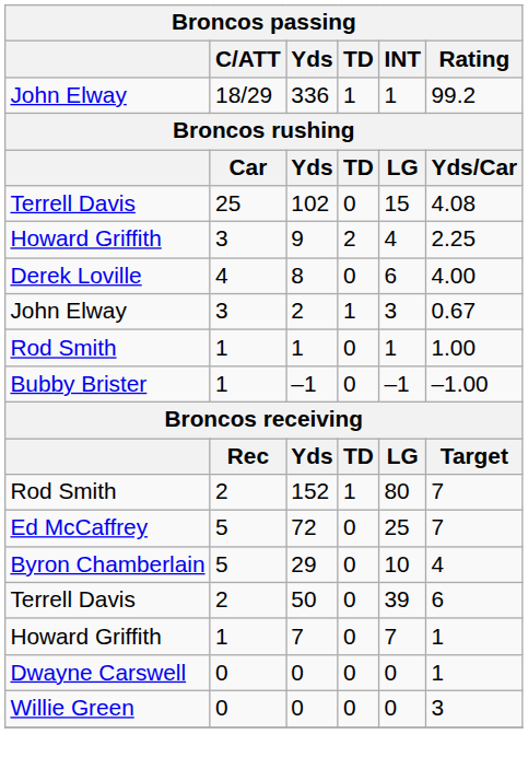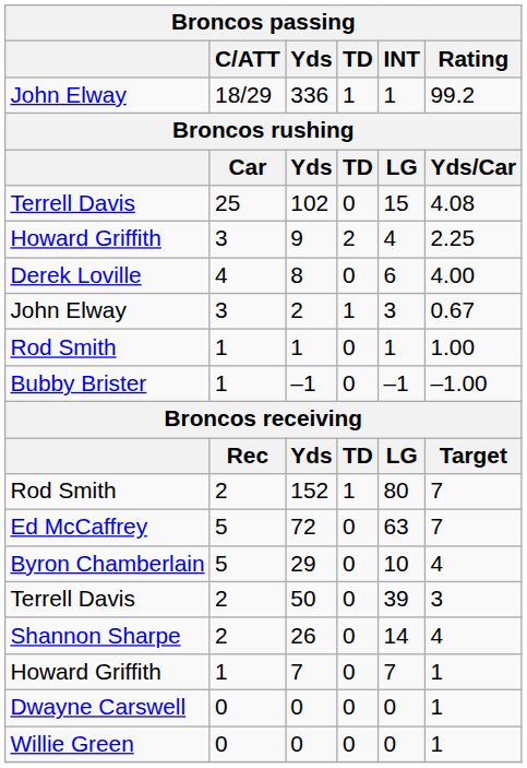 <table class="wikitable">
 <tr>
 <th colspan="6">Broncos passing</th>
 </tr>
 <tr>
 <th></th>
 <th>C/ATT</th>
 <th>Yds</th>
 <th>TD</th>
 <th>INT</th>
 <th>Rating</th>
 </tr>
 <tr>
 <td><a href='#'>John Elway</a></td>
 <td>18/29</td>
 <td>336</td>
 <td>1</td>
 <td>1</td>
 <td>99.2</td>
 </tr>
 <tr>
 <th colspan="6">Broncos rushing</th>
 </tr>
 <tr>
 <th></th>
 <th>Car</th>
 <th>Yds</th>
 <th>TD</th>
 <th>LG</th>
 <th>Yds/Car</th>
 </tr>
 <tr>
 <td><a href='#'>Terrell Davis</a></td>
 <td>25</td>
 <td>102</td>
 <td>0</td>
 <td>15</td>
 <td>4.08</td>
 </tr>
 <tr>
 <td><a href='#'>Howard Griffith</a></td>
 <td>3</td>
 <td>9</td>
 <td>2</td>
 <td>4</td>
 <td>2.25</td>
 </tr>
 <tr>
 <td><a href='#'>Derek Loville</a></td>
 <td>4</td>
 <td>8</td>
 <td>0</td>
 <td>6</td>
 <td>4.00</td>
 </tr>
 <tr>
 <td>John Elway</td>
 <td>3</td>
 <td>2</td>
 <td>1</td>
 <td>3</td>
 <td>0.67</td>
 </tr>
 <tr>
 <td><a href='#'>Rod Smith</a></td>
 <td>1</td>
 <td>1</td>
 <td>0</td>
 <td>1</td>
 <td>1.00</td>
 </tr>
 <tr>
 <td><a href='#'>Bubby Brister</a></td>
 <td>1</td>
 <td>–1</td>
 <td>0</td>
 <td>–1</td>
 <td>–1.00</td>
 </tr>
 <tr>
 <th colspan="6">Broncos receiving</th>
 </tr>
 <tr>
 <th></th>
 <th>Rec</th>
 <th>Yds</th>
 <th>TD</th>
 <th>LG</th>
 <th>Target</th>
 </tr>
 <tr>
 <td>Rod Smith</td>
 <td>2</td>
 <td>152</td>
 <td>1</td>
 <td>80</td>
 <td>7</td>
 </tr>
 <tr>
 <td><a href='#'>Ed McCaffrey</a></td>
 <td>5</td>
 <td>72</td>
 <td>0</td>
-<td>25</td>
+<td>63</td>
 <td>7</td>
 </tr>
 <tr>
 <td><a href='#'>Byron Chamberlain</a></td>
 <td>5</td>
 <td>29</td>
 <td>0</td>
 <td>10</td>
 <td>4</td>
 </tr>
 <tr>
 <td>Terrell Davis</td>
 <td>2</td>
 <td>50</td>
 <td>0</td>
 <td>39</td>
-<td>6</td>
+<td>3</td>
+</tr>
+<tr>
+<td><a href='#'>Shannon Sharpe</a></td>
+<td>2</td>
+<td>26</td>
+<td>0</td>
+<td>14</td>
+<td>4</td>
 </tr>
 <tr>
 <td>Howard Griffith</td>
 <td>1</td>
 <td>7</td>
 <td>0</td>
 <td>7</td>
 <td>1</td>
 </tr>
 <tr>
 <td><a href='#'>Dwayne Carswell</a></td>
 <td>0</td>
 <td>0</td>
 <td>0</td>
 <td>0</td>
 <td>1</td>
 </tr>
 <tr>
 <td><a href='#'>Willie Green</a></td>
 <td>0</td>
 <td>0</td>
 <td>0</td>
 <td>0</td>
-<td>3</td>
+<td>1</td>
 </tr>
 <tr>
 </tr>
 </table>
